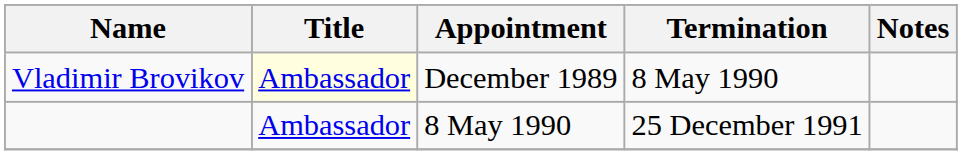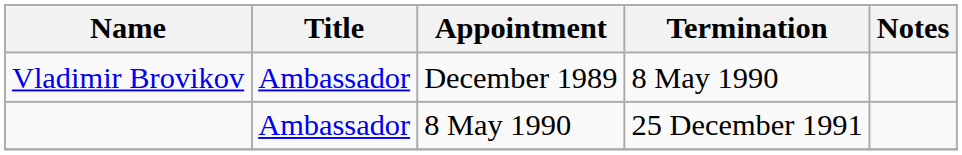 <table class="wikitable">
 <tr valign="middle">
 <th>Name</th>
 <th>Title</th>
 <th>Appointment</th>
 <th>Termination</th>
 <th>Notes</th>
 </tr>
 <tr>
 <td><a href='#'>Vladimir Brovikov</a></td>
-<td style="background: lightyellow;"><a href='#'>Ambassador</a></td>
+<td><a href='#'>Ambassador</a></td>
 <td>December 1989</td>
 <td>8 May 1990</td>
 <td></td>
 </tr>
 <tr>
 <td></td>
 <td><a href='#'>Ambassador</a></td>
 <td>8 May 1990</td>
 <td>25 December 1991</td>
 <td></td>
 </tr>
 <tr>
 </tr>
 </table>
